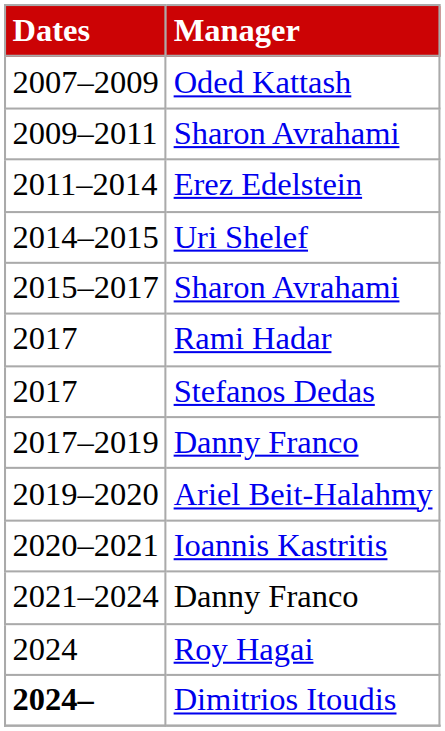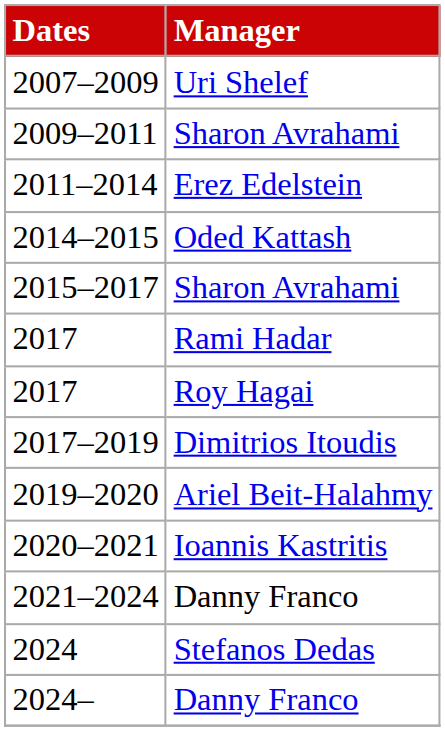 <table class="wikitable" style="background-color:#FFFFFF;text-align:left">
 <tr style="font-weight:bold; color:#FFFFFF; background-color:#CC0305;" |>
 <td>Dates</td>
 <td>Manager</td>
 </tr>
 <tr>
 <td>2007–2009</td>
-<td> <a href='#'>Oded Kattash</a></td>
+<td> <a href='#'>Uri Shelef</a></td>
 </tr>
 <tr>
 <td>2009–2011</td>
 <td> <a href='#'>Sharon Avrahami</a></td>
 </tr>
 <tr>
 <td>2011–2014</td>
 <td> <a href='#'>Erez Edelstein</a></td>
 </tr>
 <tr>
 <td>2014–2015</td>
-<td> <a href='#'>Uri Shelef</a></td>
+<td> <a href='#'>Oded Kattash</a></td>
 </tr>
 <tr>
 <td>2015–2017</td>
 <td> <a href='#'>Sharon Avrahami</a></td>
 </tr>
 <tr>
 <td>2017</td>
 <td> <a href='#'>Rami Hadar</a></td>
 </tr>
 <tr>
 <td>2017</td>
-<td> <a href='#'>Stefanos Dedas</a></td>
+<td> <a href='#'>Roy Hagai</a></td>
 </tr>
 <tr>
 <td>2017–2019</td>
-<td> <a href='#'>Danny Franco</a></td>
+<td> <a href='#'>Dimitrios Itoudis</a></td>
 </tr>
 <tr>
 <td>2019–2020</td>
 <td> <a href='#'>Ariel Beit-Halahmy</a></td>
 </tr>
 <tr>
 <td>2020–2021</td>
 <td> <a href='#'>Ioannis Kastritis</a></td>
 </tr>
 <tr>
 <td>2021–2024</td>
 <td> Danny Franco</td>
 </tr>
 <tr>
 <td>2024</td>
-<td> <a href='#'>Roy Hagai</a></td>
+<td> <a href='#'>Stefanos Dedas</a></td>
 </tr>
 <tr>
-<td><strong>2024–</strong></td>
-<td> <a href='#'>Dimitrios Itoudis</a></td>
+<td>2024–</td>
+<td> <a href='#'>Danny Franco</a></td>
 </tr>
 <tr>
 </tr>
 </table>
